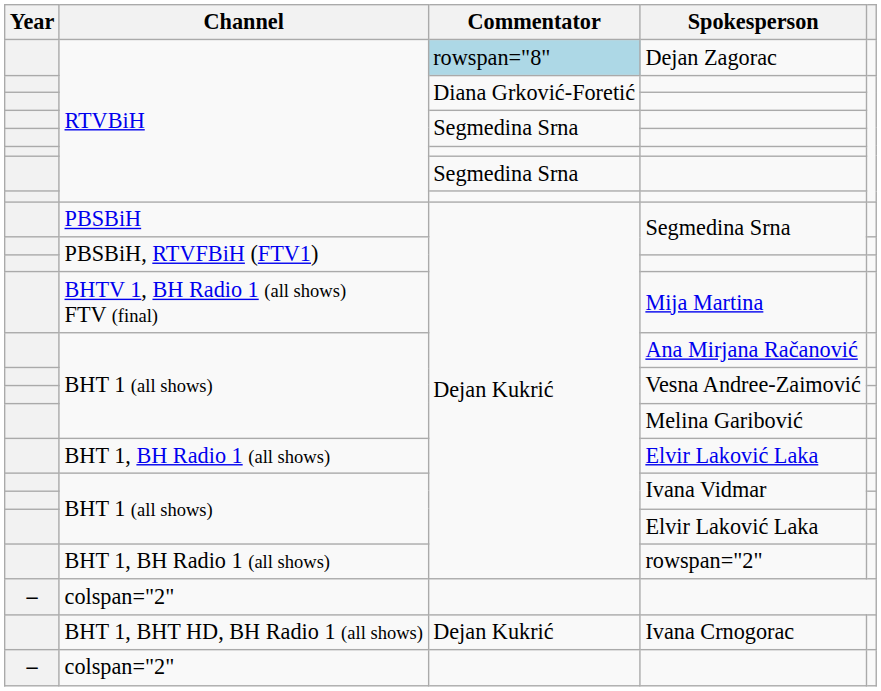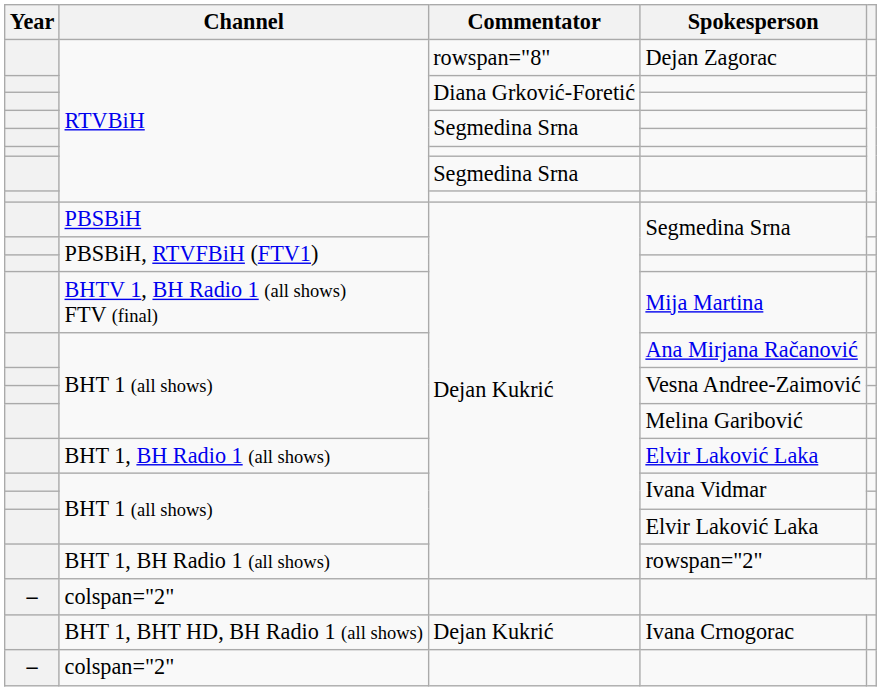 <table class="wikitable sortable plainrowheaders">
 <tr>
 <th>Year</th>
 <th>Channel</th>
 <th>Commentator</th>
 <th>Spokesperson</th>
 <th class="unsortable"></th>
 </tr>
 <tr>
 <th scope="row"></th>
 <td rowspan="8"><a href='#'>RTVBiH</a></td>
-<td style="background: lightblue;">rowspan="8" </td>
+<td>rowspan="8" </td>
 <td>Dejan Zagorac</td>
 <td></td>
 </tr>
 <tr>
 <th scope="row"></th>
 <td rowspan="2">Diana Grković-Foretić</td>
 <td></td>
 </tr>
 <tr>
 <th scope="row"></th>
 <td></td>
 </tr>
 <tr>
 <th scope="row"></th>
 <td rowspan="2">Segmedina Srna</td>
 <td></td>
 </tr>
 <tr>
 <th scope="row"></th>
 <td></td>
 </tr>
 <tr>
 <th scope="row"></th>
 <td></td>
 <td></td>
 </tr>
 <tr>
 <th scope="row"></th>
 <td>Segmedina Srna</td>
 <td></td>
 </tr>
 <tr>
 <th scope="row"></th>
 <td></td>
 <td></td>
 </tr>
 <tr>
 <th scope="row"></th>
 <td><a href='#'>PBSBiH</a></td>
 <td rowspan="13">Dejan Kukrić</td>
 <td rowspan="2">Segmedina Srna</td>
 <td></td>
 </tr>
 <tr>
 <th scope="row"></th>
 <td rowspan="2">PBSBiH, <a href='#'>RTVFBiH</a> (<a href='#'>FTV1</a>)</td>
 <td></td>
 </tr>
 <tr>
 <th scope="row"></th>
 <td></td>
 <td></td>
 </tr>
 <tr>
 <th scope="row"></th>
 <td><a href='#'>BHTV 1</a>, <a href='#'>BH Radio 1</a> <small>(all shows)</small><br>FTV <small>(final)</small></td>
 <td><a href='#'>Mija Martina</a></td>
 <td></td>
 </tr>
 <tr>
 <th scope="row"></th>
 <td rowspan="4">BHT 1 <small>(all shows)</small></td>
 <td><a href='#'>Ana Mirjana Račanović</a></td>
 <td></td>
 </tr>
 <tr>
 <th scope="row"></th>
 <td rowspan="2">Vesna Andree-Zaimović</td>
 <td></td>
 </tr>
 <tr>
 <th scope="row"></th>
 <td></td>
 </tr>
 <tr>
 <th scope="row"></th>
 <td>Melina Garibović</td>
 <td></td>
 </tr>
 <tr>
 <th scope="row"></th>
 <td>BHT 1, <a href='#'>BH Radio 1</a> <small>(all shows)</small></td>
 <td><a href='#'>Elvir Laković Laka</a></td>
 <td></td>
 </tr>
 <tr>
 <th scope="row"></th>
 <td rowspan="3">BHT 1 <small>(all shows)</small></td>
 <td rowspan="2">Ivana Vidmar</td>
 <td></td>
 </tr>
 <tr>
 <th scope="row"></th>
 <td></td>
 </tr>
 <tr>
 <th scope="row"></th>
 <td>Elvir Laković Laka</td>
 <td></td>
 </tr>
 <tr>
 <th scope="row"></th>
 <td>BHT 1, BH Radio 1 <small>(all shows)</small></td>
 <td>rowspan="2" </td>
 <td></td>
 </tr>
 <tr>
 <th scope="row">–</th>
 <td>colspan="2"</td>
 <td></td>
 </tr>
 <tr>
 <th scope="row"></th>
 <td>BHT 1, BHT HD, BH Radio 1 <small>(all shows)</small></td>
 <td>Dejan Kukrić</td>
 <td>Ivana Crnogorac</td>
 <td></td>
 </tr>
 <tr>
 <th scope="row">–</th>
 <td>colspan="2"</td>
 <td></td>
 <td></td>
 </tr>
 </table>
